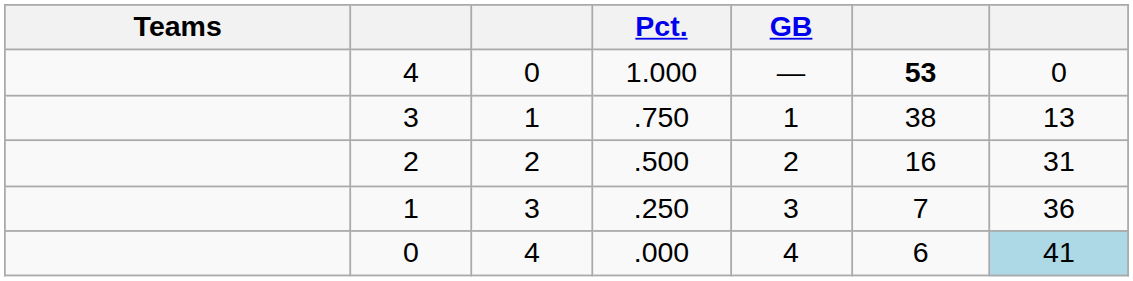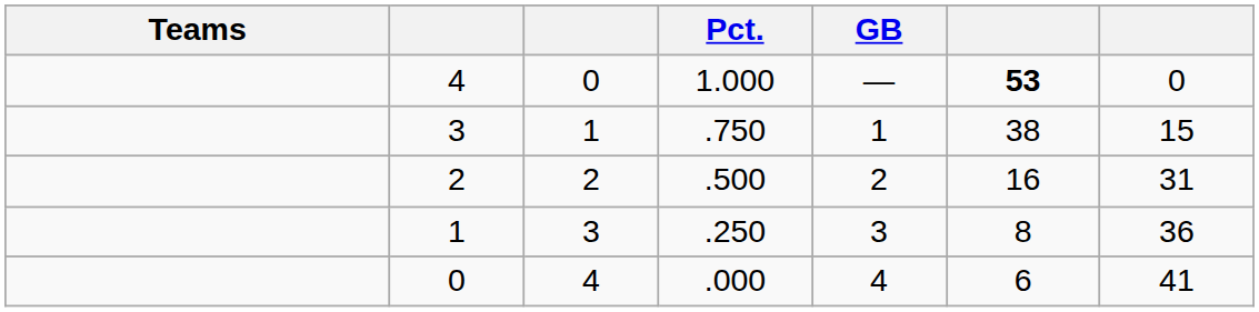 <table class="wikitable" width="50%" style="text-align:center;">
 <tr>
 <th width="20%">Teams</th>
 <th width="7%"></th>
 <th width="7%"></th>
 <th width="8%"><a href='#'>Pct.</a></th>
 <th width="7%"><a href='#'>GB</a></th>
 <th width="8%"></th>
 <th width="8%"></th>
 </tr>
 <tr>
 <td align=left></td>
 <td>4</td>
 <td>0</td>
 <td>1.000</td>
 <td>—</td>
 <td><strong>53</strong></td>
 <td>0</td>
 </tr>
 <tr>
 <td align=left></td>
 <td>3</td>
 <td>1</td>
 <td>.750</td>
 <td>1</td>
 <td>38</td>
-<td>13</td>
+<td>15</td>
 </tr>
 <tr>
 <td align=left></td>
 <td>2</td>
 <td>2</td>
 <td>.500</td>
 <td>2</td>
 <td>16</td>
 <td>31</td>
 </tr>
 <tr>
 <td align=left></td>
 <td>1</td>
 <td>3</td>
 <td>.250</td>
 <td>3</td>
-<td>7</td>
+<td>8</td>
 <td>36</td>
 </tr>
 <tr>
 <td align=left></td>
 <td>0</td>
 <td>4</td>
 <td>.000</td>
 <td>4</td>
 <td>6</td>
-<td style="background: lightblue;">41</td>
+<td>41</td>
 </tr>
 </table>
